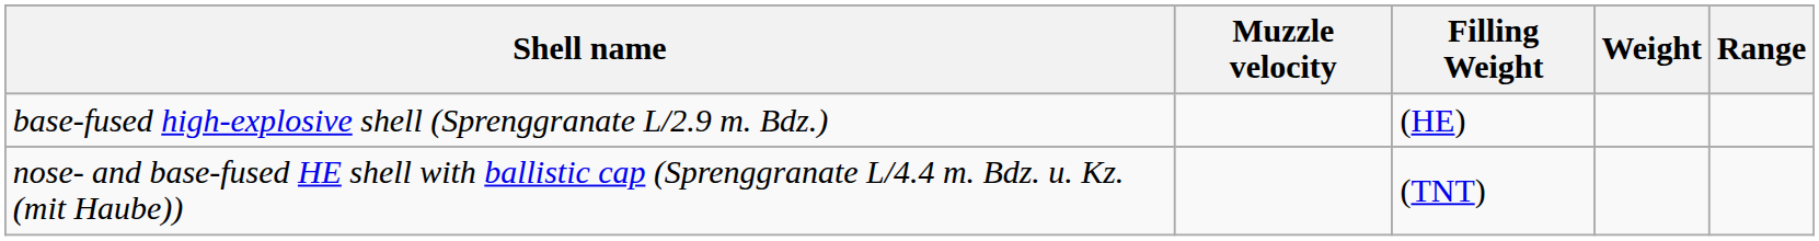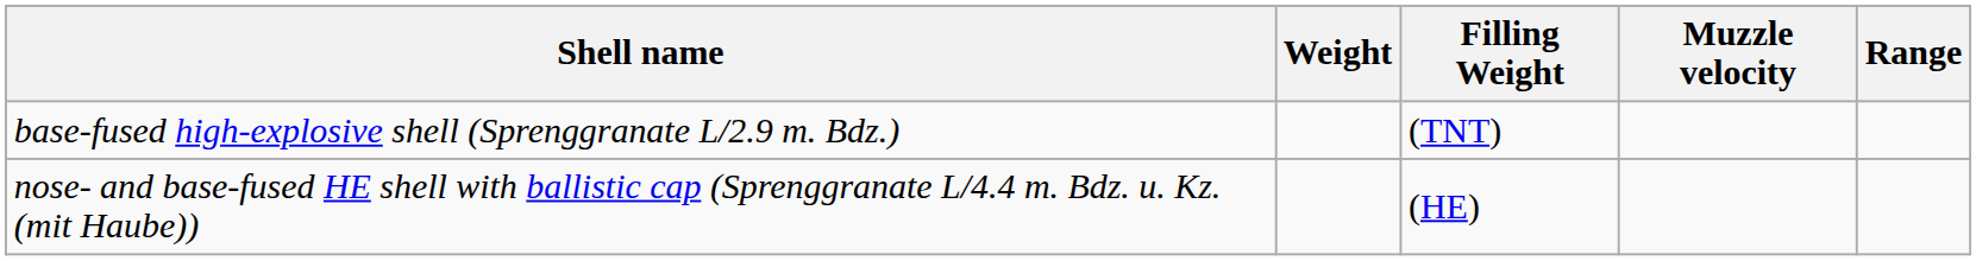 <table class="wikitable" style="margin-right: 0;">
 <tr>
 <th>Shell name</th>
+<th>Weight</th>
+<th>Filling Weight</th>
 <th>Muzzle velocity</th>
-<th>Filling Weight</th>
-<th>Weight</th>
 <th>Range</th>
 </tr>
 <tr>
 <td><em>base-fused <a href='#'>high-explosive</a> shell (Sprenggranate L/2.9 m. Bdz.)</em></td>
 <td></td>
-<td> (<a href='#'>HE</a>)</td>
+<td> (<a href='#'>TNT</a>)</td>
 <td></td>
 <td></td>
 </tr>
 <tr>
 <td><em>nose- and base-fused <a href='#'>HE</a> shell with <a href='#'>ballistic cap</a> (Sprenggranate L/4.4 m. Bdz. u. Kz. (mit Haube))</em></td>
 <td></td>
-<td> (<a href='#'>TNT</a>)</td>
+<td> (<a href='#'>HE</a>)</td>
 <td></td>
 <td></td>
 </tr>
 </table>
